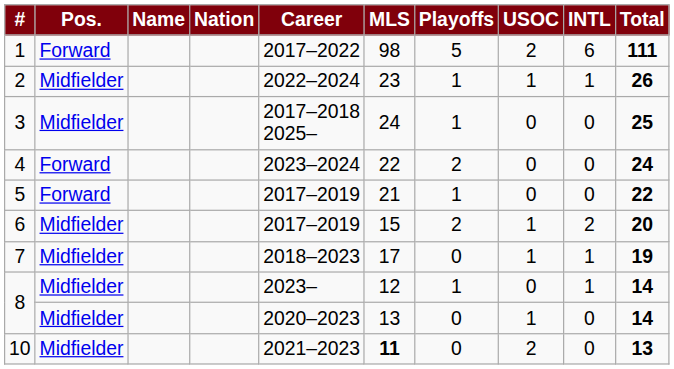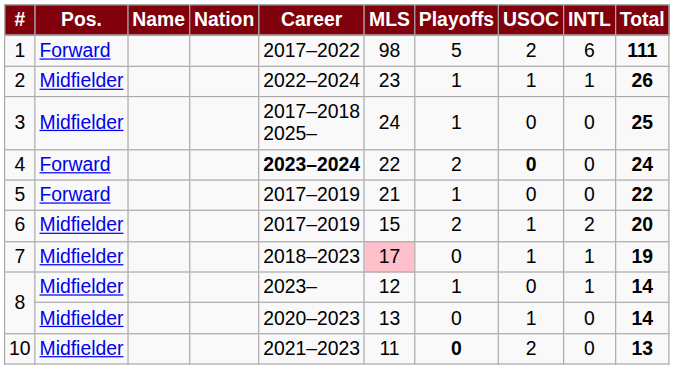 <table class="wikitable sortable" style="text-align:center;">
 <tr>
 <th style="background:#80000B; color:#FFFFFF;" scope="col">#</th>
 <th style="background:#80000B; color:#FFFFFF;" scope="col">Pos.</th>
 <th style="background:#80000B; color:#FFFFFF;" scope="col">Name</th>
 <th style="background:#80000B; color:#FFFFFF;" scope="col">Nation</th>
 <th style="background:#80000B; color:#FFFFFF;" scope="col">Career</th>
 <th style="background:#80000B; color:#FFFFFF;" scope="col">MLS</th>
 <th style="background:#80000B; color:#FFFFFF;" scope="col">Playoffs</th>
 <th style="background:#80000B; color:#FFFFFF;" scope="col">USOC</th>
 <th style="background:#80000B; color:#FFFFFF;" scope="col">INTL</th>
 <th style="background:#80000B; color:#FFFFFF;" scope="col">Total</th>
 </tr>
 <tr>
 <td>1</td>
 <td style="text-align:left;"><a href='#'>Forward</a></td>
 <td style="text-align:left;"></td>
 <td style="text-align:left;"></td>
 <td style="text-align:left;">2017–2022</td>
 <td>98</td>
 <td>5</td>
 <td>2</td>
 <td>6</td>
 <td><strong>111</strong></td>
 </tr>
 <tr>
 <td>2</td>
 <td style="text-align:left;"><a href='#'>Midfielder</a></td>
 <td style="text-align:left;"></td>
 <td style="text-align:left;"></td>
 <td style="text-align:left;">2022–2024</td>
 <td>23</td>
 <td>1</td>
 <td>1</td>
 <td>1</td>
 <td><strong>26</strong></td>
 </tr>
 <tr>
 <td>3</td>
 <td style="text-align:left;"><a href='#'>Midfielder</a></td>
 <td style="text-align:left;"><strong></strong></td>
 <td style="text-align:left;"></td>
 <td style="text-align:left;">2017–2018<br>2025–</td>
 <td>24</td>
 <td>1</td>
 <td>0</td>
 <td>0</td>
 <td><strong>25</strong></td>
 </tr>
 <tr>
 <td>4</td>
 <td style="text-align:left;"><a href='#'>Forward</a></td>
 <td style="text-align:left;"></td>
 <td style="text-align:left;"></td>
-<td style="text-align:left;">2023–2024</td>
+<td style="text-align:left;"><strong>2023–2024</strong></td>
 <td>22</td>
 <td>2</td>
-<td>0</td>
+<td><strong>0</strong></td>
 <td>0</td>
 <td><strong>24</strong></td>
 </tr>
 <tr>
 <td>5</td>
 <td style="text-align:left;"><a href='#'>Forward</a></td>
 <td style="text-align:left;"></td>
 <td style="text-align:left;"></td>
 <td style="text-align:left;">2017–2019</td>
 <td>21</td>
 <td>1</td>
 <td>0</td>
 <td>0</td>
 <td><strong>22</strong></td>
 </tr>
 <tr>
 <td>6</td>
 <td style="text-align:left;"><a href='#'>Midfielder</a></td>
 <td style="text-align:left;"></td>
 <td style="text-align:left;"></td>
 <td style="text-align:left;">2017–2019</td>
 <td>15</td>
 <td>2</td>
 <td>1</td>
 <td>2</td>
 <td><strong>20</strong></td>
 </tr>
 <tr>
 <td>7</td>
 <td style="text-align:left;"><a href='#'>Midfielder</a></td>
 <td style="text-align:left;"></td>
 <td style="text-align:left;"></td>
 <td style="text-align:left;">2018–2023</td>
-<td>17</td>
+<td style="background: pink;">17</td>
 <td>0</td>
 <td>1</td>
 <td>1</td>
 <td><strong>19</strong></td>
 </tr>
 <tr>
 <td rowspan=2>8</td>
 <td style="text-align:left;"><a href='#'>Midfielder</a></td>
 <td style="text-align:left;"><strong></strong></td>
 <td style="text-align:left;"></td>
 <td style="text-align:left;">2023–</td>
 <td>12</td>
 <td>1</td>
 <td>0</td>
 <td>1</td>
 <td><strong>14</strong></td>
 </tr>
 <tr>
 <td style="text-align:left;"><a href='#'>Midfielder</a></td>
 <td style="text-align:left;"></td>
 <td style="text-align:left;"></td>
 <td style="text-align:left;">2020–2023</td>
 <td>13</td>
 <td>0</td>
 <td>1</td>
 <td>0</td>
 <td><strong>14</strong></td>
 </tr>
 <tr>
 <td>10</td>
 <td style="text-align:left;"><a href='#'>Midfielder</a></td>
 <td style="text-align:left;"></td>
 <td style="text-align:left;"></td>
 <td style="text-align:left;">2021–2023</td>
-<td><strong>11</strong></td>
-<td>0</td>
+<td>11</td>
+<td><strong>0</strong></td>
 <td>2</td>
 <td>0</td>
 <td><strong>13</strong></td>
 </tr>
 </table>
